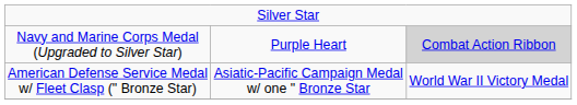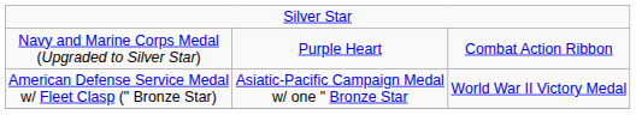 <table class="wikitable" style="margin:1em auto; text-align:center;">
 <tr>
 <td colspan="3"><a href='#'>Silver Star</a></td>
 </tr>
 <tr>
 <td><a href='#'>Navy and Marine Corps Medal</a><br>(<em>Upgraded to Silver Star</em>)</td>
 <td><a href='#'>Purple Heart</a></td>
-<td style="background: lightgrey;"><a href='#'>Combat Action Ribbon</a></td>
+<td><a href='#'>Combat Action Ribbon</a></td>
 </tr>
 <tr>
 <td><a href='#'>American Defense Service Medal</a><br>w/ <a href='#'>Fleet Clasp</a> (" Bronze Star)</td>
 <td><a href='#'>Asiatic-Pacific Campaign Medal</a><br>w/ one " <a href='#'>Bronze Star</a></td>
 <td><a href='#'>World War II Victory Medal</a></td>
 </tr>
 <tr>
 </tr>
 </table>
